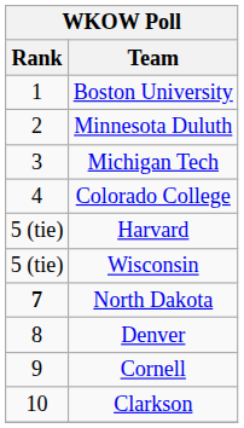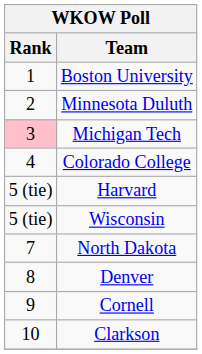 <table class="wikitable" style="text-align:center;">
 <tr>
 <th colspan=2><strong>WKOW Poll</strong></th>
 </tr>
 <tr>
 <th>Rank</th>
 <th>Team</th>
 </tr>
 <tr>
 <td>1</td>
 <td><a href='#'>Boston University</a></td>
 </tr>
 <tr>
 <td>2</td>
 <td><a href='#'>Minnesota Duluth</a></td>
 </tr>
 <tr>
-<td>3</td>
+<td style="background: pink;">3</td>
 <td><a href='#'>Michigan Tech</a></td>
 </tr>
 <tr>
 <td>4</td>
 <td><a href='#'>Colorado College</a></td>
 </tr>
 <tr>
 <td>5 (tie)</td>
 <td><a href='#'>Harvard</a></td>
 </tr>
 <tr>
 <td>5 (tie)</td>
 <td><a href='#'>Wisconsin</a></td>
 </tr>
 <tr>
-<td><strong>7</strong></td>
+<td>7</td>
 <td><a href='#'>North Dakota</a></td>
 </tr>
 <tr>
 <td>8</td>
 <td><a href='#'>Denver</a></td>
 </tr>
 <tr>
 <td>9</td>
 <td><a href='#'>Cornell</a></td>
 </tr>
 <tr>
 <td>10</td>
 <td><a href='#'>Clarkson</a></td>
 </tr>
 <tr>
 </tr>
 </table>
